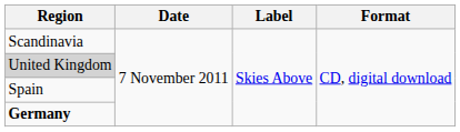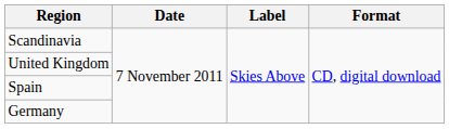 <table class=wikitable>
 <tr>
 <th>Region</th>
 <th>Date</th>
 <th>Label</th>
 <th>Format</th>
 </tr>
 <tr>
 <td>Scandinavia</td>
 <td rowspan="4">7 November 2011</td>
 <td rowspan="4"><a href='#'>Skies Above</a></td>
 <td rowspan="4"><a href='#'>CD</a>, <a href='#'>digital download</a></td>
 </tr>
 <tr>
-<td style="background: lightgrey;">United Kingdom</td>
+<td>United Kingdom</td>
 </tr>
 <tr>
 <td>Spain</td>
 </tr>
 <tr>
-<td><strong>Germany</strong></td>
+<td>Germany</td>
 </tr>
 </table>
